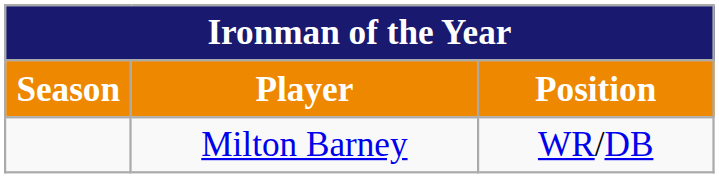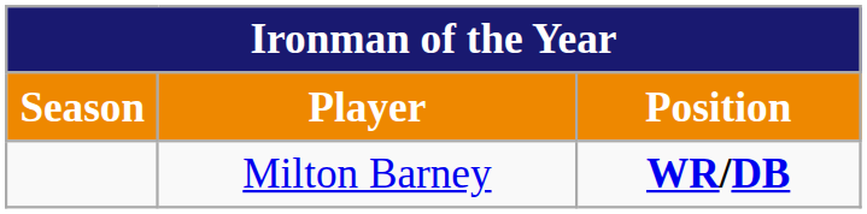 <table class="wikitable sortable" style="text-align:center">
 <tr>
 <td colspan="4" style="background:#191970; color:white;"><strong>Ironman of the Year</strong></td>
 </tr>
 <tr>
 <th style="width:50px; background:#e80; color:white;">Season</th>
 <th style="width:150px; background:#e80; color:white;">Player</th>
 <th style="width:100px; background:#e80; color:white;">Position</th>
 </tr>
 <tr>
 <td></td>
 <td><a href='#'>Milton Barney</a></td>
-<td><a href='#'>WR</a>/<a href='#'>DB</a></td>
+<td><strong><a href='#'>WR</a>/<a href='#'>DB</a></strong></td>
 </tr>
 </table>
